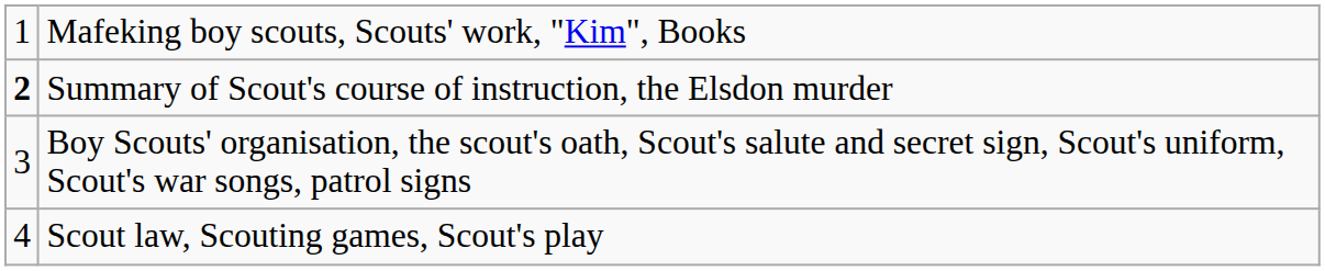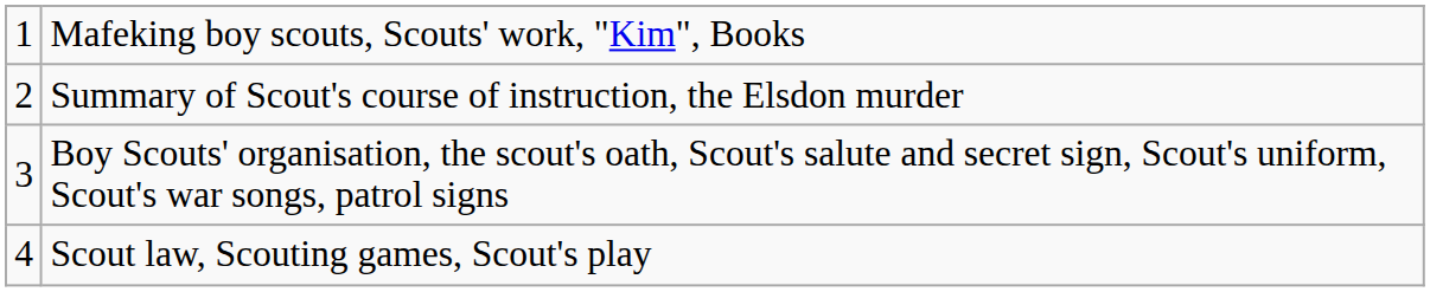 <table class=wikitable>
 <tr>
 <td>1</td>
 <td>Mafeking boy scouts, Scouts' work, "<a href='#'>Kim</a>", Books</td>
 </tr>
 <tr>
-<td><strong>2</strong></td>
+<td>2</td>
 <td>Summary of Scout's course of instruction, the Elsdon murder</td>
 </tr>
 <tr>
 <td>3</td>
 <td>Boy Scouts' organisation, the scout's oath, Scout's salute and secret sign, Scout's uniform, Scout's war songs, patrol signs</td>
 </tr>
 <tr>
 <td>4</td>
 <td>Scout law, Scouting games, Scout's play</td>
 </tr>
 </table>
